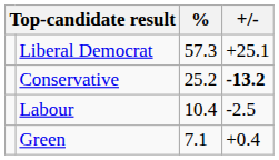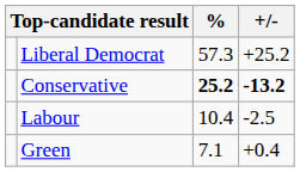 <table class="wikitable">
 <tr>
 <th colspan="2">Top-candidate result</th>
 <th>%</th>
 <th>+/-</th>
 </tr>
 <tr>
 <td style="background-color: "></td>
 <td><a href='#'>Liberal Democrat</a></td>
 <td>57.3</td>
-<td><span>+25.1</span></td>
+<td><span>+25.2</span></td>
 </tr>
 <tr>
 <td style="background-color: "></td>
 <td><a href='#'>Conservative</a></td>
-<td>25.2</td>
+<td><strong>25.2</strong></td>
 <td><strong><span>-13.2</span></strong></td>
 </tr>
 <tr>
 <td style="background-color: "></td>
 <td><a href='#'>Labour</a></td>
 <td>10.4</td>
 <td><span>-2.5</span></td>
 </tr>
 <tr>
 <td style="background-color: "></td>
 <td><a href='#'>Green</a></td>
 <td>7.1</td>
 <td><span>+0.4</span></td>
 </tr>
 </table>
